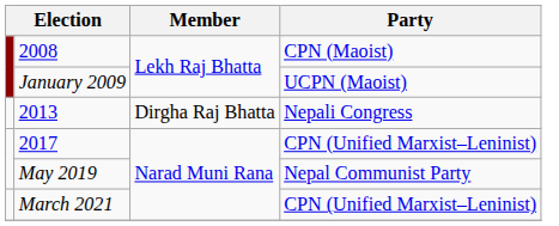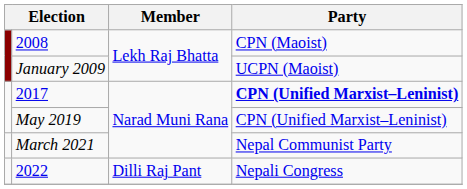 <table class="wikitable">
 <tr>
 <th colspan="2">Election</th>
 <th>Member</th>
 <th>Party</th>
 </tr>
 <tr>
 <td rowspan="2" style="background-color:darkred"></td>
 <td><a href='#'>2008</a></td>
 <td rowspan="2"><a href='#'>Lekh Raj Bhatta</a></td>
 <td><a href='#'>CPN (Maoist)</a></td>
 </tr>
 <tr>
 <td><em>January 2009</em></td>
 <td><a href='#'>UCPN (Maoist)</a></td>
 </tr>
 <tr>
-<td style="background-color:"></td>
-<td><a href='#'>2013</a></td>
-<td>Dirgha Raj Bhatta</td>
-<td><a href='#'>Nepali Congress</a></td>
-</tr>
-<tr>
 <td rowspan="2" style="background-color:"></td>
 <td><a href='#'>2017</a></td>
 <td rowspan="3"><a href='#'>Narad Muni Rana</a></td>
-<td><a href='#'>CPN (Unified Marxist–Leninist)</a></td>
+<td><strong><a href='#'>CPN (Unified Marxist–Leninist)</a></strong></td>
 </tr>
 <tr>
 <td><em>May 2019</em></td>
-<td><a href='#'>Nepal Communist Party</a></td>
+<td><a href='#'>CPN (Unified Marxist–Leninist)</a></td>
 </tr>
 <tr>
 <td></td>
 <td><em>March 2021</em></td>
-<td><a href='#'>CPN (Unified Marxist–Leninist)</a></td>
+<td><a href='#'>Nepal Communist Party</a></td>
+</tr>
+<tr>
+<td style="background-color:"></td>
+<td><a href='#'>2022</a></td>
+<td><a href='#'>Dilli Raj Pant</a></td>
+<td><a href='#'>Nepali Congress</a></td>
 </tr>
 <tr>
 </tr>
 </table>
